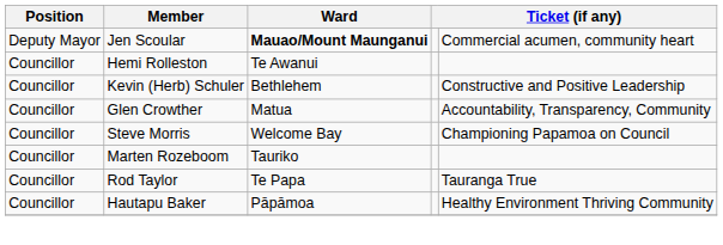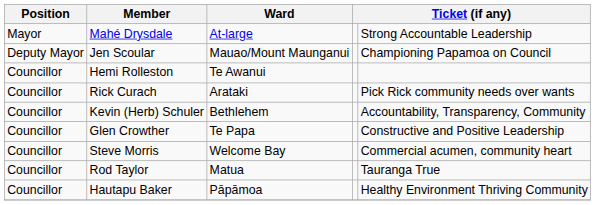 <table class="wikitable">
 <tr>
 <th>Position</th>
 <th>Member</th>
 <th>Ward</th>
 <th colspan="2"><a href='#'>Ticket</a> (if any)</th>
 </tr>
 <tr>
+<td>Mayor</td>
+<td><a href='#'>Mahé Drysdale</a></td>
+<td><a href='#'>At-large</a></td>
+<td></td>
+<td>Strong Accountable Leadership</td>
+</tr>
+<tr>
 <td>Deputy Mayor</td>
 <td>Jen Scoular</td>
-<td><strong>Mauao/Mount Maunganui</strong></td>
+<td>Mauao/Mount Maunganui</td>
 <td></td>
-<td>Commercial acumen, community heart</td>
+<td>Championing Papamoa on Council</td>
 </tr>
 <tr>
 <td>Councillor</td>
 <td>Hemi Rolleston</td>
 <td>Te Awanui</td>
 <td></td>
 <td></td>
 </tr>
 <tr>
 <td>Councillor</td>
+<td>Rick Curach</td>
+<td>Arataki</td>
+<td></td>
+<td>Pick Rick community needs over wants</td>
+</tr>
+<tr>
+<td>Councillor</td>
 <td>Kevin (Herb) Schuler</td>
 <td>Bethlehem</td>
 <td></td>
-<td>Constructive and Positive Leadership</td>
+<td>Accountability, Transparency, Community</td>
 </tr>
 <tr>
 <td>Councillor</td>
 <td>Glen Crowther</td>
-<td>Matua</td>
+<td>Te Papa</td>
 <td></td>
-<td>Accountability, Transparency, Community</td>
+<td>Constructive and Positive Leadership</td>
 </tr>
 <tr>
 <td>Councillor</td>
 <td>Steve Morris</td>
 <td>Welcome Bay</td>
 <td></td>
-<td>Championing Papamoa on Council</td>
-</tr>
-<tr>
-<td>Councillor</td>
-<td>Marten Rozeboom</td>
-<td>Tauriko</td>
-<td></td>
-<td></td>
+<td>Commercial acumen, community heart</td>
 </tr>
 <tr>
 <td>Councillor</td>
 <td>Rod Taylor</td>
-<td>Te Papa</td>
+<td>Matua</td>
 <td></td>
 <td>Tauranga True</td>
 </tr>
 <tr>
 <td>Councillor</td>
 <td>Hautapu Baker</td>
 <td>Pāpāmoa</td>
 <td></td>
 <td>Healthy Environment Thriving Community</td>
 </tr>
 <tr>
 </tr>
 </table>
